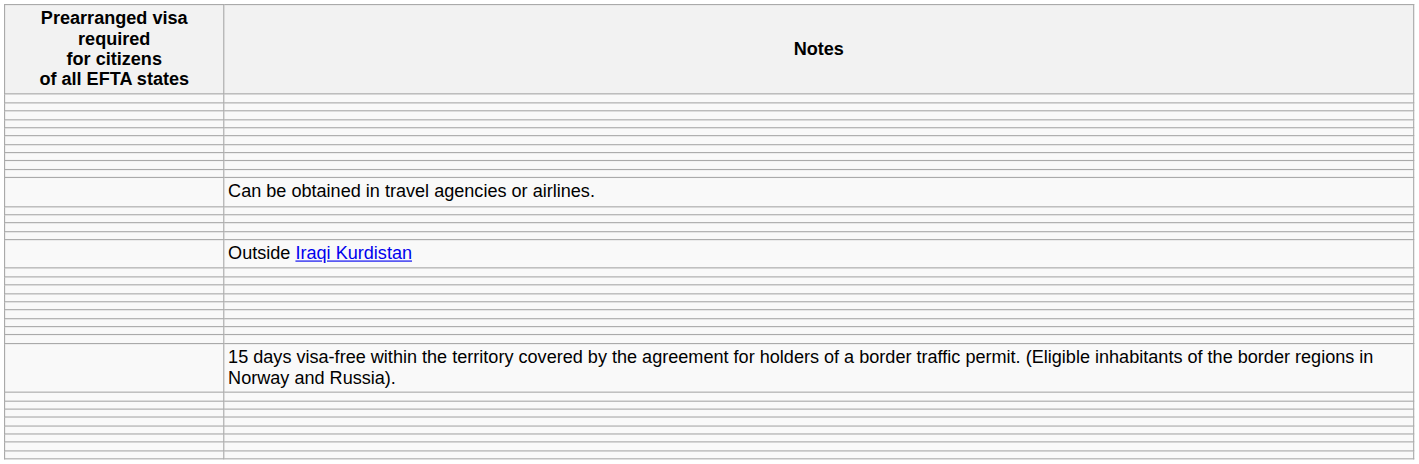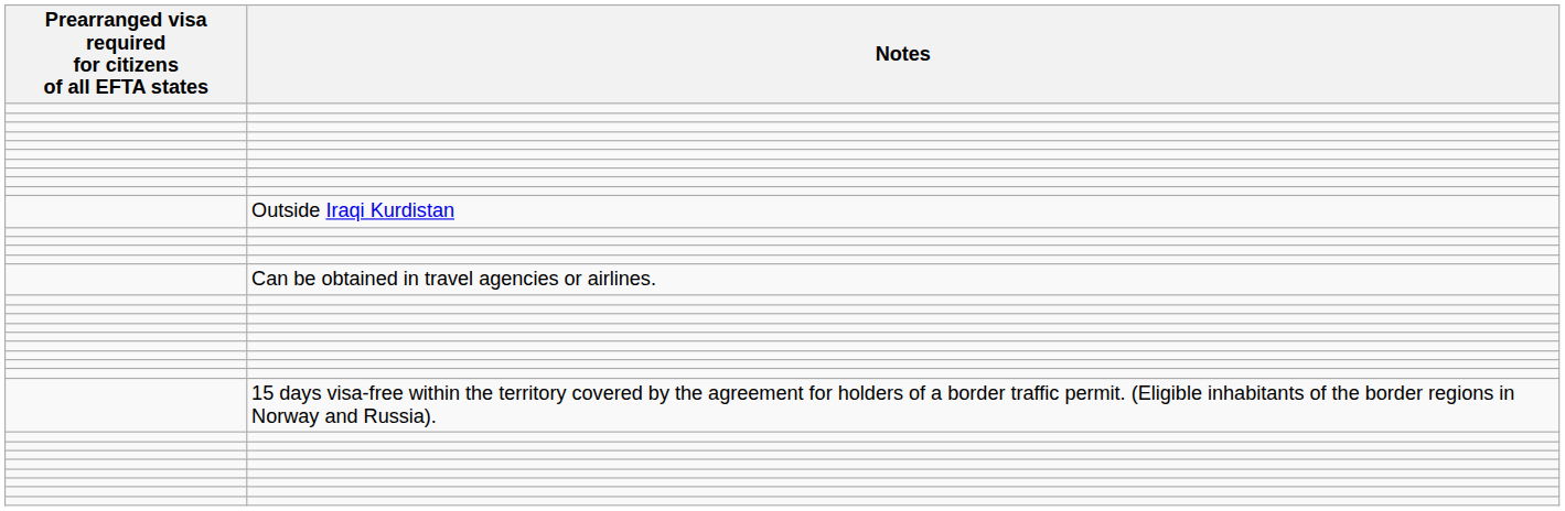 <table class="wikitable">
 <tr>
 <th>Prearranged visa required<br>for citizens<br>of all EFTA states</th>
 <th>Notes</th>
 </tr>
 <tr>
 <td></td>
 <td></td>
 </tr>
 <tr>
 <td></td>
 <td></td>
 </tr>
 <tr>
 <td></td>
 <td></td>
 </tr>
 <tr>
 <td></td>
 <td></td>
 </tr>
 <tr>
 <td></td>
 <td></td>
 </tr>
 <tr>
 <td></td>
 <td></td>
 </tr>
 <tr>
 <td></td>
 <td></td>
 </tr>
 <tr>
 <td></td>
 <td></td>
 </tr>
 <tr>
 <td></td>
 <td></td>
 </tr>
 <tr>
 <td></td>
 <td></td>
 </tr>
 <tr>
 <td></td>
-<td>Can be obtained in travel agencies or airlines.</td>
+<td>Outside <a href='#'>Iraqi Kurdistan</a></td>
 </tr>
 <tr>
 <td></td>
 <td></td>
 </tr>
 <tr>
 <td></td>
 <td></td>
 </tr>
 <tr>
 <td></td>
 <td></td>
 </tr>
 <tr>
 <td></td>
 <td></td>
 </tr>
 <tr>
 <td></td>
-<td>Outside <a href='#'>Iraqi Kurdistan</a></td>
+<td>Can be obtained in travel agencies or airlines.</td>
 </tr>
 <tr>
 <td></td>
 <td></td>
 </tr>
 <tr>
 <td></td>
 <td></td>
 </tr>
 <tr>
 <td></td>
 <td></td>
 </tr>
 <tr>
 <td></td>
 <td></td>
 </tr>
 <tr>
 <td></td>
 <td></td>
 </tr>
 <tr>
 <td></td>
 <td></td>
 </tr>
 <tr>
 <td></td>
 <td></td>
 </tr>
 <tr>
 <td></td>
 <td></td>
 </tr>
 <tr>
 <td></td>
 <td></td>
 </tr>
 <tr>
 <td></td>
 <td>15 days visa-free within the territory covered by the agreement for holders of a border traffic permit. (Eligible inhabitants of the border regions in Norway and Russia).</td>
 </tr>
 <tr>
 <td></td>
 <td></td>
 </tr>
 <tr>
 <td></td>
 <td></td>
 </tr>
 <tr>
 <td></td>
 <td></td>
 </tr>
 <tr>
 <td></td>
 <td></td>
 </tr>
 <tr>
 <td></td>
 <td></td>
 </tr>
 <tr>
 <td></td>
 <td></td>
 </tr>
 <tr>
 <td></td>
 <td></td>
 </tr>
 <tr>
 <td></td>
 <td></td>
 </tr>
 </table>
